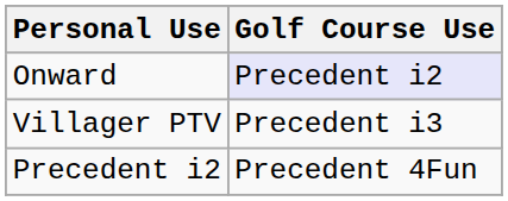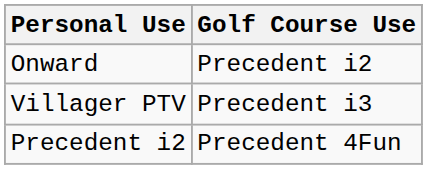 <table class="wikitable">
 <tr>
 <th>Personal Use</th>
 <th>Golf Course Use</th>
 </tr>
 <tr>
 <td>Onward</td>
-<td style="background: lavender;">Precedent i2</td>
+<td>Precedent i2</td>
 </tr>
 <tr>
 <td>Villager PTV</td>
 <td>Precedent i3</td>
 </tr>
 <tr>
 <td>Precedent i2</td>
 <td>Precedent 4Fun</td>
 </tr>
 </table>
